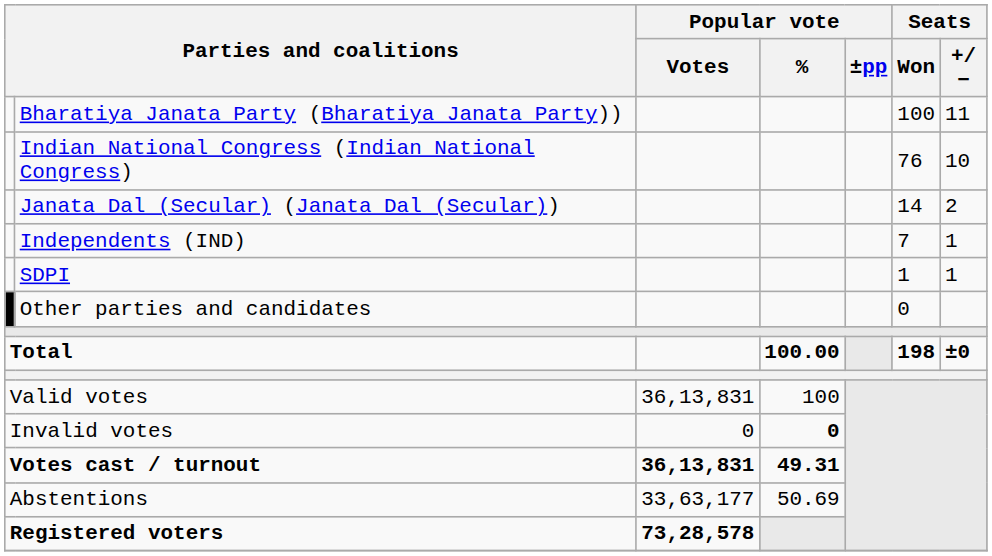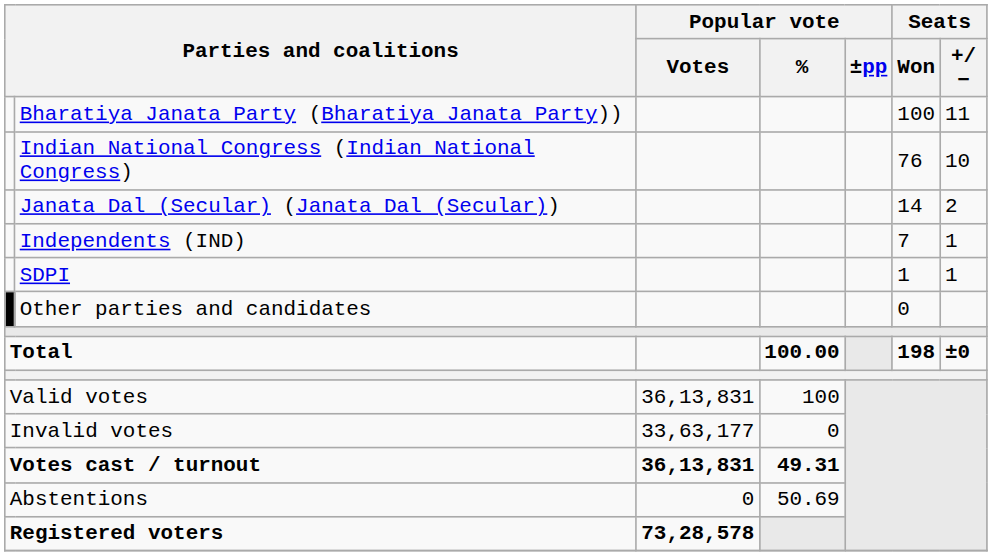 <table class="wikitable sortable">
 <tr>
 <th colspan="2" rowspan="2">Parties and coalitions</th>
 <th colspan="3">Popular vote</th>
 <th colspan="2">Seats</th>
 </tr>
 <tr>
 <th>Votes</th>
 <th>%</th>
 <th>±<a href='#'>pp</a></th>
 <th>Won</th>
 <th><strong>+/−</strong></th>
 </tr>
 <tr>
 <td></td>
 <td><a href='#'>Bharatiya Janata Party</a> (<a href='#'>Bharatiya Janata Party</a>))</td>
 <td></td>
 <td></td>
 <td></td>
 <td>100</td>
 <td>11</td>
 </tr>
 <tr>
 <td></td>
 <td><a href='#'>Indian National Congress</a> (<a href='#'>Indian National Congress</a>)</td>
 <td></td>
 <td></td>
 <td></td>
 <td>76</td>
 <td>10</td>
 </tr>
 <tr>
 <td></td>
 <td><a href='#'>Janata Dal (Secular)</a> (<a href='#'>Janata Dal (Secular)</a>)</td>
 <td></td>
 <td></td>
 <td></td>
 <td>14</td>
 <td>2</td>
 </tr>
 <tr>
 <td></td>
 <td><a href='#'>Independents</a> (IND)</td>
 <td></td>
 <td></td>
 <td></td>
 <td>7</td>
 <td>1</td>
 </tr>
 <tr>
 <td></td>
 <td><a href='#'>SDPI</a></td>
 <td></td>
 <td></td>
 <td></td>
 <td>1</td>
 <td>1</td>
 </tr>
 <tr>
 <td bgcolor="black"></td>
 <td>Other parties and candidates</td>
 <td></td>
 <td></td>
 <td></td>
 <td>0</td>
 <td></td>
 </tr>
 <tr>
 <td colspan="7" bgcolor="#E9E9E9"></td>
 </tr>
 <tr style="font-weight:bold;">
 <td align="left" colspan="2">Total</td>
 <td></td>
 <td>100.00</td>
 <td bgcolor="#E9E9E9"></td>
 <td>198</td>
 <td>±0</td>
 </tr>
 <tr>
 <th colspan="9"></th>
 </tr>
 <tr>
 <td style="text-align:left;" colspan="2">Valid votes</td>
 <td align="right">36,13,831</td>
 <td align="right">100</td>
 <td colspan="4" rowspan="5" style="background-color:#E9E9E9"></td>
 </tr>
 <tr>
 <td style="text-align:left;" colspan="2">Invalid votes</td>
+<td align="right">33,63,177</td>
 <td align="right">0</td>
-<td align="right"><strong>0</strong></td>
 </tr>
 <tr>
 <td style="text-align:left;" colspan="2"><strong>Votes cast / turnout</strong></td>
 <td align="right"><strong>36,13,831</strong></td>
 <td align="right"><strong>49.31</strong></td>
 </tr>
 <tr>
 <td style="text-align:left;" colspan="2">Abstentions</td>
-<td align="right">33,63,177</td>
+<td align="right">0</td>
 <td align="right">50.69</td>
 </tr>
 <tr>
 <td style="text-align:left;" colspan="2"><strong>Registered voters</strong></td>
 <td align="right"><strong>73,28,578</strong></td>
 <td colspan="1" style="background-color:#E9E9E9"></td>
 </tr>
 <tr>
 </tr>
 </table>
